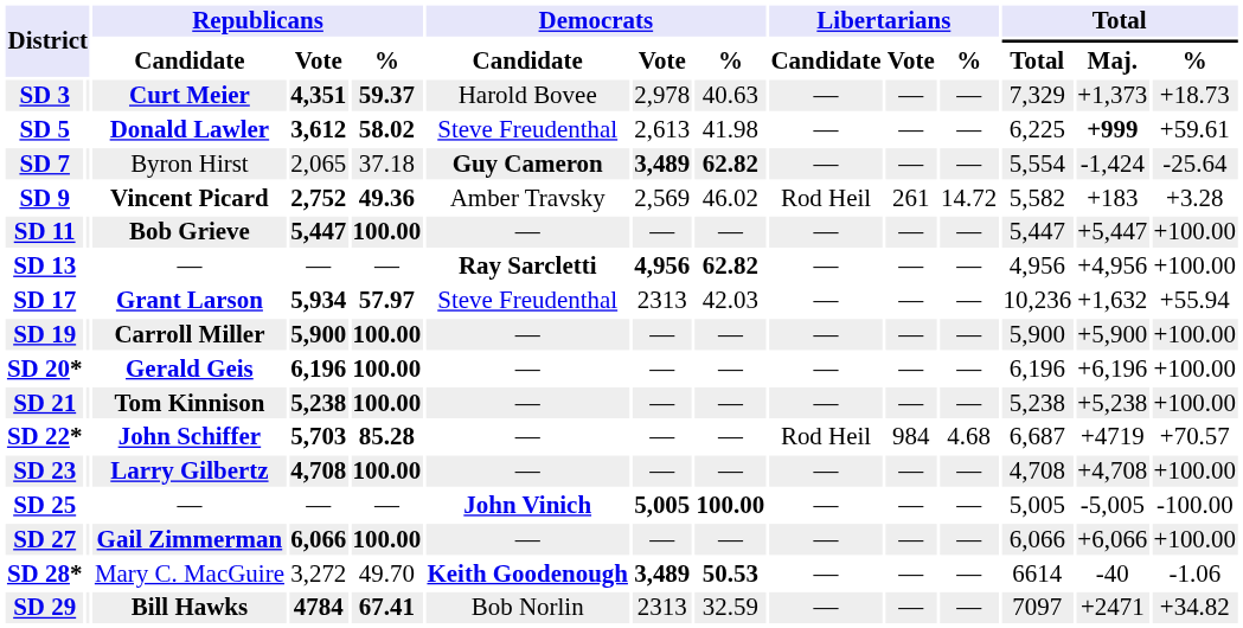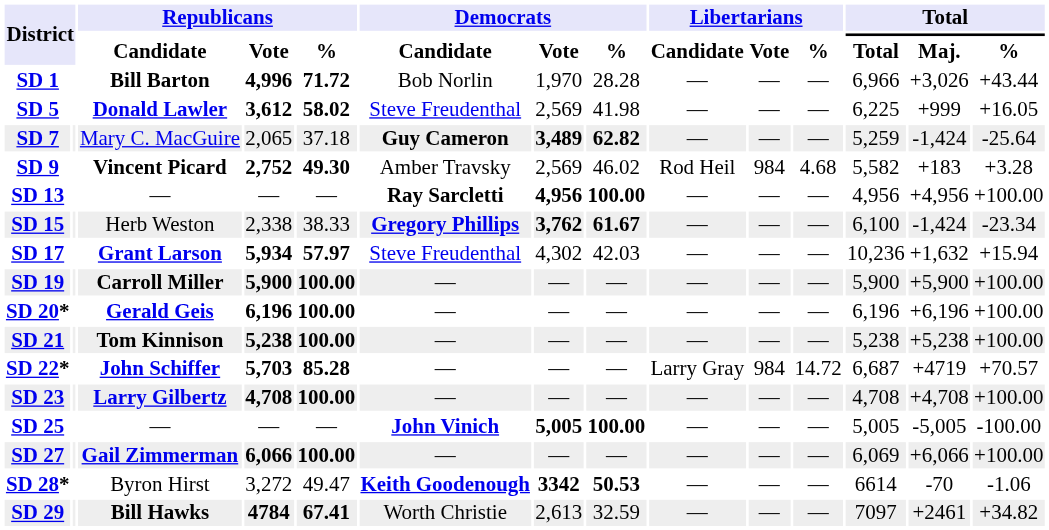 <table class="toccolours sortable" style="text-align:center;">
 <tr style="background:lavender">
 <th rowspan="3" colspan="2">District</th>
 <th colspan=3><a href='#'>Republicans</a></th>
 <th colspan=3><a href='#'>Democrats</a></th>
 <th colspan=3><a href='#'>Libertarians</a></th>
 <th colspan=3>Total</th>
 </tr>
 <tr>
 <th colspan=3 style="background-color:"></th>
 <th colspan=3 style="background-color:"></th>
 <th colspan=3 style="background-color:"></th>
 <th colspan=3 style="background-color:#000000"></th>
 </tr>
 <tr>
 <th align="center">Candidate</th>
 <th align="center">Vote</th>
 <th align="center">%</th>
 <th align="center">Candidate</th>
 <th align="center">Vote</th>
 <th align="center">%</th>
 <th align="center">Candidate</th>
 <th align="center">Vote</th>
 <th align="center">%</th>
 <th align="center">Total</th>
 <th align="center">Maj.</th>
 <th align="center">%</th>
 </tr>
-<tr style="background:#EEEEEE;">
-<th><a href='#'>SD 3</a></th>
+<tr>
+<th><a href='#'>SD 1</a></th>
 <td style="background-color:"></td>
-<td><strong><a href='#'>Curt Meier</a></strong></td>
-<td><strong>4,351</strong></td>
-<td><strong>59.37</strong></td>
-<td>Harold Bovee</td>
-<td>2,978</td>
-<td>40.63</td>
+<td><strong>Bill Barton</strong></td>
+<td><strong>4,996</strong></td>
+<td><strong>71.72</strong></td>
+<td>Bob Norlin</td>
+<td>1,970</td>
+<td>28.28</td>
 <td>—</td>
 <td>—</td>
 <td>—</td>
-<td>7,329</td>
-<td>+1,373</td>
-<td>+18.73</td>
+<td>6,966</td>
+<td>+3,026</td>
+<td>+43.44</td>
 </tr>
 <tr>
 <th><a href='#'>SD 5</a></th>
 <td style="background-color:"></td>
 <td><strong><a href='#'>Donald Lawler</a></strong></td>
 <td><strong>3,612</strong></td>
 <td><strong>58.02</strong></td>
 <td><a href='#'>Steve Freudenthal</a></td>
-<td>2,613</td>
+<td>2,569</td>
 <td>41.98</td>
 <td>—</td>
 <td>—</td>
 <td>—</td>
 <td>6,225</td>
-<td><strong>+999</strong></td>
-<td>+59.61</td>
+<td>+999</td>
+<td>+16.05</td>
 </tr>
 <tr style="background:#EEEEEE;">
 <th><a href='#'>SD 7</a></th>
 <td style="background-color:"></td>
-<td>Byron Hirst</td>
+<td><a href='#'>Mary C. MacGuire</a></td>
 <td>2,065</td>
 <td>37.18</td>
 <td><strong>Guy Cameron</strong></td>
 <td><strong>3,489</strong></td>
 <td><strong>62.82</strong></td>
 <td>—</td>
 <td>—</td>
 <td>—</td>
-<td>5,554</td>
+<td>5,259</td>
 <td>-1,424</td>
 <td>-25.64</td>
 </tr>
 <tr>
 <th><a href='#'>SD 9</a></th>
 <td style="background-color:"></td>
 <td><strong>Vincent Picard</strong></td>
 <td><strong>2,752</strong></td>
-<td><strong>49.36</strong></td>
+<td><strong>49.30</strong></td>
 <td>Amber Travsky</td>
 <td>2,569</td>
 <td>46.02</td>
 <td>Rod Heil</td>
-<td>261</td>
-<td>14.72</td>
+<td>984</td>
+<td>4.68</td>
 <td>5,582</td>
 <td>+183</td>
 <td>+3.28</td>
-</tr>
-<tr style="background:#EEEEEE;">
-<th><a href='#'>SD 11</a></th>
-<td style="background-color:"></td>
-<td><strong>Bob Grieve</strong></td>
-<td><strong>5,447</strong></td>
-<td><strong>100.00</strong></td>
-<td>—</td>
-<td>—</td>
-<td>—</td>
-<td>—</td>
-<td>—</td>
-<td>—</td>
-<td>5,447</td>
-<td>+5,447</td>
-<td>+100.00</td>
 </tr>
 <tr>
 <th><a href='#'>SD 13</a></th>
 <td style="background-color:"></td>
 <td>—</td>
 <td>—</td>
 <td>—</td>
 <td><strong>Ray Sarcletti</strong></td>
 <td><strong>4,956</strong></td>
-<td><strong>62.82</strong></td>
+<td><strong>100.00</strong></td>
 <td>—</td>
 <td>—</td>
 <td>—</td>
 <td>4,956</td>
 <td>+4,956</td>
 <td>+100.00</td>
+</tr>
+<tr style="background:#EEEEEE;">
+<th><a href='#'>SD 15</a></th>
+<td style="background-color:"></td>
+<td>Herb Weston</td>
+<td>2,338</td>
+<td>38.33</td>
+<td><strong><a href='#'>Gregory Phillips</a></strong></td>
+<td><strong>3,762</strong></td>
+<td><strong>61.67</strong></td>
+<td>—</td>
+<td>—</td>
+<td>—</td>
+<td>6,100</td>
+<td>-1,424</td>
+<td>-23.34</td>
 </tr>
 <tr>
 <th><a href='#'>SD 17</a></th>
 <td style="background-color:"></td>
 <td><strong><a href='#'>Grant Larson</a></strong></td>
 <td><strong>5,934</strong></td>
 <td><strong> 57.97</strong></td>
 <td><a href='#'>Steve Freudenthal</a></td>
-<td>2313</td>
+<td>4,302</td>
 <td>42.03</td>
 <td>—</td>
 <td>—</td>
 <td>—</td>
 <td>10,236</td>
 <td>+1,632</td>
-<td>+55.94</td>
+<td>+15.94</td>
 </tr>
 <tr style="background:#EEEEEE;">
 <th><a href='#'>SD 19</a></th>
 <td style="background-color:"></td>
 <td><strong>Carroll Miller</strong></td>
 <td><strong>5,900</strong></td>
 <td><strong>100.00</strong></td>
 <td>—</td>
 <td>—</td>
 <td>—</td>
 <td>—</td>
 <td>—</td>
 <td>—</td>
 <td>5,900</td>
 <td>+5,900</td>
 <td>+100.00</td>
 </tr>
 <tr>
 <th><a href='#'>SD 20</a>*</th>
 <td style="background-color:"></td>
 <td><strong><a href='#'>Gerald Geis</a></strong></td>
 <td><strong>6,196</strong></td>
 <td><strong>100.00</strong></td>
 <td>—</td>
 <td>—</td>
 <td>—</td>
 <td>—</td>
 <td>—</td>
 <td>—</td>
 <td>6,196</td>
 <td>+6,196</td>
 <td>+100.00</td>
 </tr>
 <tr style="background:#EEEEEE;">
 <th><a href='#'>SD 21</a></th>
 <td style="background-color:"></td>
 <td><strong>Tom Kinnison</strong></td>
 <td><strong>5,238</strong></td>
 <td><strong>100.00</strong></td>
 <td>—</td>
 <td>—</td>
 <td>—</td>
 <td>—</td>
 <td>—</td>
 <td>—</td>
 <td>5,238</td>
 <td>+5,238</td>
 <td>+100.00</td>
 </tr>
 <tr>
 <th><a href='#'>SD 22</a>*</th>
 <td style="background-color:"></td>
 <td><strong><a href='#'>John Schiffer</a></strong></td>
 <td><strong>5,703</strong></td>
 <td><strong>85.28</strong></td>
 <td>—</td>
 <td>—</td>
 <td>—</td>
-<td>Rod Heil</td>
+<td>Larry Gray</td>
 <td>984</td>
-<td>4.68</td>
+<td>14.72</td>
 <td>6,687</td>
 <td>+4719</td>
 <td>+70.57</td>
 </tr>
 <tr style="background:#EEEEEE;">
 <th><a href='#'>SD 23</a></th>
 <td style="background-color:"></td>
 <td><strong><a href='#'>Larry Gilbertz</a></strong></td>
 <td><strong>4,708</strong></td>
 <td><strong>100.00</strong></td>
 <td>—</td>
 <td>—</td>
 <td>—</td>
 <td>—</td>
 <td>—</td>
 <td>—</td>
 <td>4,708</td>
 <td>+4,708</td>
 <td>+100.00</td>
 </tr>
 <tr>
 <th><a href='#'>SD 25</a></th>
 <td style="background-color:"></td>
 <td>—</td>
 <td>—</td>
 <td>—</td>
 <td><strong><a href='#'>John Vinich</a></strong></td>
 <td><strong>5,005</strong></td>
 <td><strong>100.00</strong></td>
 <td>—</td>
 <td>—</td>
 <td>—</td>
 <td>5,005</td>
 <td>-5,005</td>
 <td>-100.00</td>
 </tr>
 <tr style="background:#EEEEEE;">
 <th><a href='#'>SD 27</a></th>
 <td style="background-color:"></td>
 <td><strong><a href='#'>Gail Zimmerman</a></strong></td>
 <td><strong>6,066</strong></td>
 <td><strong>100.00</strong></td>
 <td>—</td>
 <td>—</td>
 <td>—</td>
 <td>—</td>
 <td>—</td>
 <td>—</td>
-<td>6,066</td>
+<td>6,069</td>
 <td>+6,066</td>
 <td>+100.00</td>
 </tr>
 <tr>
 <th><a href='#'>SD 28</a>*</th>
 <td style="background-color:"></td>
-<td><a href='#'>Mary C. MacGuire</a></td>
+<td>Byron Hirst</td>
 <td>3,272</td>
-<td>49.70</td>
+<td>49.47</td>
 <td><strong><a href='#'>Keith Goodenough</a></strong></td>
-<td><strong>3,489</strong></td>
+<td><strong>3342</strong></td>
 <td><strong>50.53</strong></td>
 <td>—</td>
 <td>—</td>
 <td>—</td>
 <td>6614</td>
-<td>-40</td>
+<td>-70</td>
 <td>-1.06</td>
 </tr>
 <tr style="background:#EEEEEE;">
 <th><a href='#'>SD 29</a></th>
 <td style="background-color:"></td>
 <td><strong>Bill Hawks</strong></td>
 <td><strong>4784</strong></td>
 <td><strong>67.41</strong></td>
-<td>Bob Norlin</td>
-<td>2313</td>
+<td>Worth Christie</td>
+<td>2,613</td>
 <td>32.59</td>
 <td>—</td>
 <td>—</td>
 <td>—</td>
 <td>7097</td>
-<td>+2471</td>
+<td>+2461</td>
 <td>+34.82</td>
 </tr>
 <tr>
 </tr>
 </table>
